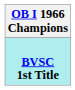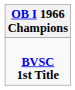 <table class="wikitable" style="text-align: center; margin: 0 auto;">
 <tr>
 <th><a href='#'>OB I</a> 1966<br>Champions</th>
 </tr>
 <tr>
 </tr>
 <tr>
-<td style="background: paleturquoise;"> <br><strong><a href='#'>BVSC</a></strong><br><strong>1st Title</strong></td>
+<td> <br><strong><a href='#'>BVSC</a></strong><br><strong>1st Title</strong></td>
 </tr>
 </table>
